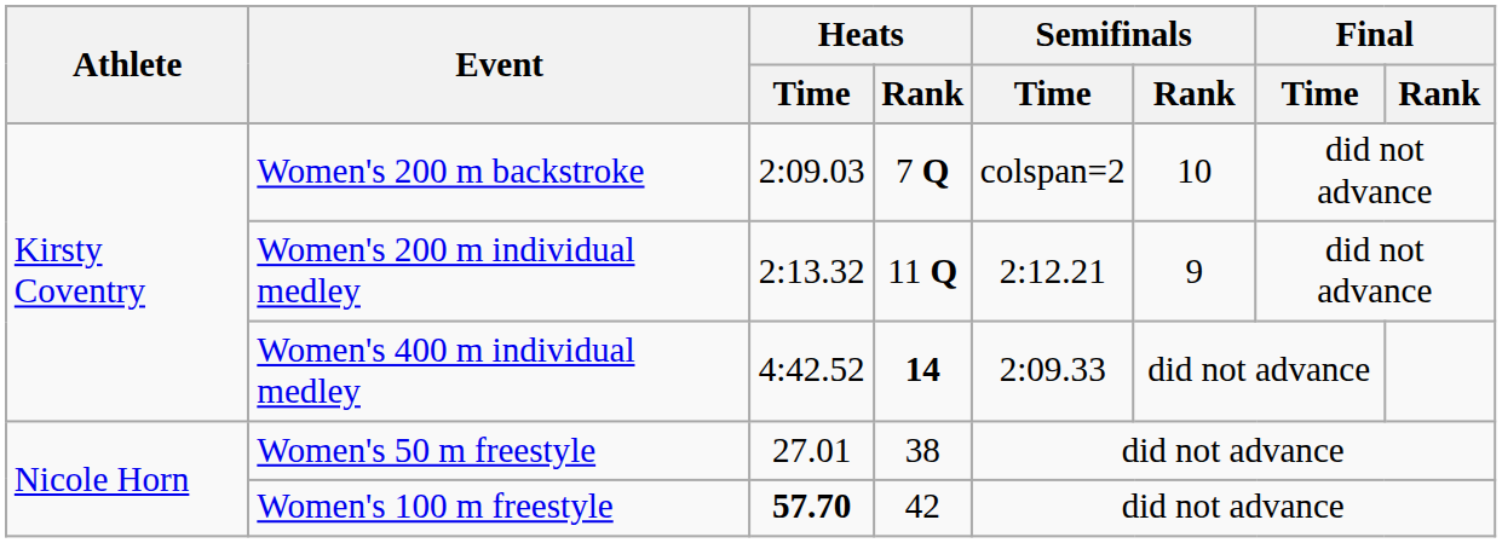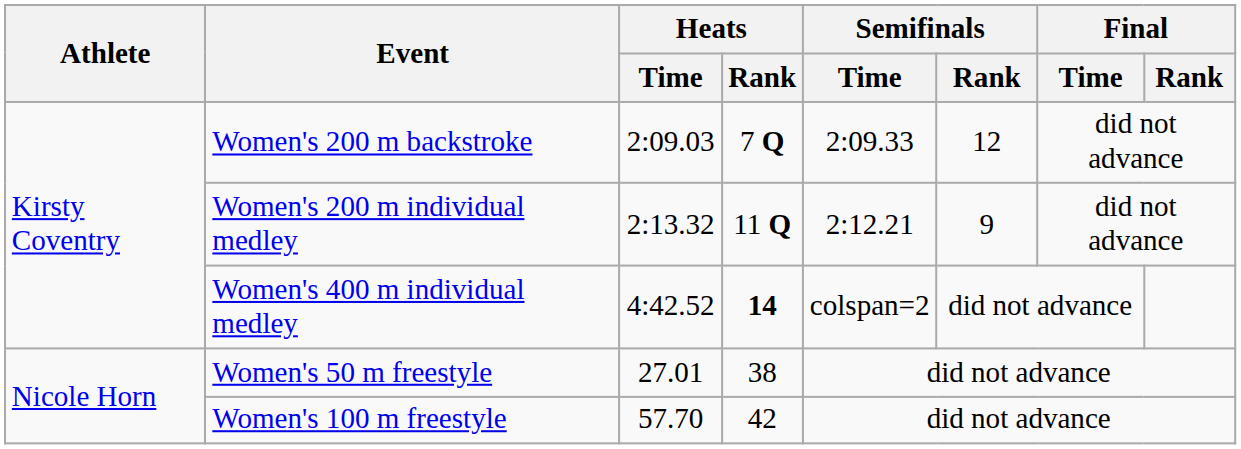 <table class=wikitable style=font-size:90%>
 <tr>
 <th rowspan=2>Athlete</th>
 <th rowspan=2>Event</th>
 <th colspan=2>Heats</th>
 <th colspan=2>Semifinals</th>
 <th colspan=2>Final</th>
 </tr>
 <tr>
 <th>Time</th>
 <th>Rank</th>
 <th>Time</th>
 <th>Rank</th>
 <th>Time</th>
 <th>Rank</th>
 </tr>
 <tr>
 <td rowspan=3><a href='#'>Kirsty Coventry</a></td>
 <td><a href='#'>Women's 200 m backstroke</a></td>
 <td align=center>2:09.03</td>
 <td align=center>7 <strong>Q</strong></td>
-<td>colspan=2 </td>
-<td align=center>10</td>
+<td align=center>2:09.33</td>
+<td align=center>12</td>
 <td align=center colspan=2>did not advance</td>
 </tr>
 <tr>
 <td><a href='#'>Women's 200 m individual medley</a></td>
 <td align=center>2:13.32</td>
 <td align=center>11 <strong>Q</strong></td>
 <td align=center>2:12.21</td>
 <td align=center>9</td>
 <td align=center colspan=2>did not advance</td>
 </tr>
 <tr>
 <td><a href='#'>Women's 400 m individual medley</a></td>
 <td align=center>4:42.52</td>
 <td align=center><strong>14</strong></td>
-<td align=center>2:09.33</td>
+<td>colspan=2 </td>
 <td align=center colspan=2>did not advance</td>
 </tr>
 <tr>
 <td rowspan=2><a href='#'>Nicole Horn</a></td>
 <td><a href='#'>Women's 50 m freestyle</a></td>
 <td align=center>27.01</td>
 <td align=center>38</td>
 <td align=center colspan=4>did not advance</td>
 </tr>
 <tr>
 <td><a href='#'>Women's 100 m freestyle</a></td>
-<td align=center><strong>57.70</strong></td>
+<td align=center>57.70</td>
 <td align=center>42</td>
 <td align=center colspan=4>did not advance</td>
 </tr>
 </table>
